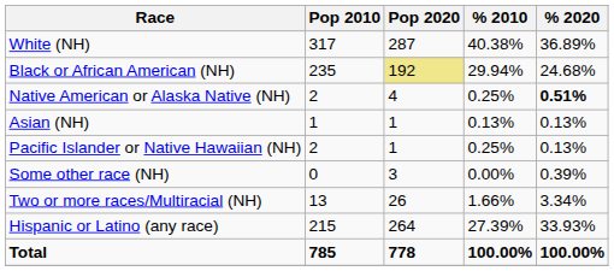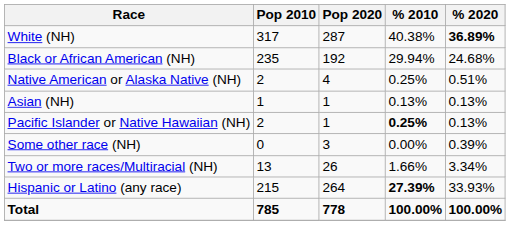 <table class="wikitable">
 <tr>
 <th>Race</th>
 <th>Pop 2010</th>
 <th>Pop 2020</th>
 <th>% 2010</th>
 <th>% 2020</th>
 </tr>
 <tr>
 <td><a href='#'>White</a> (NH)</td>
 <td>317</td>
 <td>287</td>
 <td>40.38%</td>
-<td>36.89%</td>
+<td><strong>36.89%</strong></td>
 </tr>
 <tr>
 <td><a href='#'>Black or African American</a> (NH)</td>
 <td>235</td>
-<td style="background: khaki;">192</td>
+<td>192</td>
 <td>29.94%</td>
 <td>24.68%</td>
 </tr>
 <tr>
 <td><a href='#'>Native American</a> or <a href='#'>Alaska Native</a> (NH)</td>
 <td>2</td>
 <td>4</td>
 <td>0.25%</td>
-<td><strong>0.51%</strong></td>
+<td>0.51%</td>
 </tr>
 <tr>
 <td><a href='#'>Asian</a> (NH)</td>
 <td>1</td>
 <td>1</td>
 <td>0.13%</td>
 <td>0.13%</td>
 </tr>
 <tr>
 <td><a href='#'>Pacific Islander</a> or <a href='#'>Native Hawaiian</a> (NH)</td>
 <td>2</td>
 <td>1</td>
-<td>0.25%</td>
+<td><strong>0.25%</strong></td>
 <td>0.13%</td>
 </tr>
 <tr>
 <td><a href='#'>Some other race</a> (NH)</td>
 <td>0</td>
 <td>3</td>
 <td>0.00%</td>
 <td>0.39%</td>
 </tr>
 <tr>
 <td><a href='#'>Two or more races/Multiracial</a> (NH)</td>
 <td>13</td>
 <td>26</td>
 <td>1.66%</td>
 <td>3.34%</td>
 </tr>
 <tr>
 <td><a href='#'>Hispanic or Latino</a> (any race)</td>
 <td>215</td>
 <td>264</td>
-<td>27.39%</td>
+<td><strong>27.39%</strong></td>
 <td>33.93%</td>
 </tr>
 <tr>
 <td><strong>Total</strong></td>
 <td><strong>785</strong></td>
 <td><strong>778</strong></td>
 <td><strong>100.00%</strong></td>
 <td><strong>100.00%</strong></td>
 </tr>
 <tr>
 </tr>
 </table>
